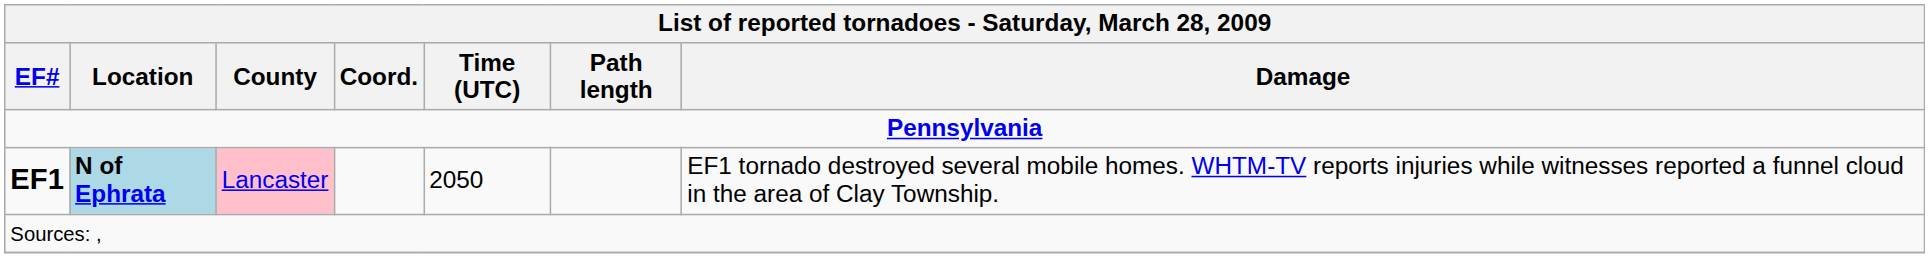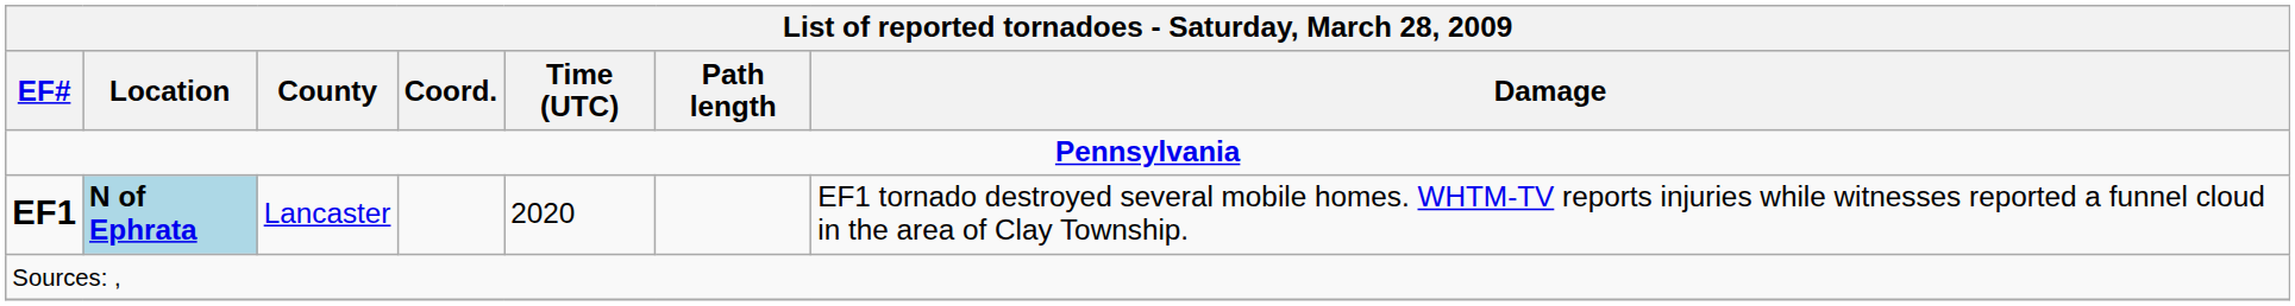 <table class="wikitable collapsible" width="100%">
 <tr>
 <th colspan="7">List of reported tornadoes - Saturday, March 28, 2009</th>
 </tr>
 <tr>
 <th><a href='#'>EF#</a></th>
 <th>Location</th>
 <th>County</th>
 <th>Coord.</th>
 <th>Time (UTC)</th>
 <th>Path length</th>
 <th>Damage</th>
 </tr>
 <tr>
 <td colspan="7" align=center><strong><a href='#'>Pennsylvania</a></strong></td>
 </tr>
 <tr>
 <td><big><strong>EF1</strong></big></td>
 <td style="background: lightblue;"><strong>N of <a href='#'>Ephrata</a></strong></td>
-<td style="background: pink;"><a href='#'>Lancaster</a></td>
+<td><a href='#'>Lancaster</a></td>
 <td></td>
-<td>2050</td>
+<td>2020</td>
 <td></td>
 <td>EF1 tornado destroyed several mobile homes. <a href='#'>WHTM-TV</a> reports injuries while witnesses reported a funnel cloud in the area of Clay Township.</td>
 </tr>
 <tr>
 <td colspan="7"><small>Sources: , </small></td>
 </tr>
 <tr>
 </tr>
 </table>
